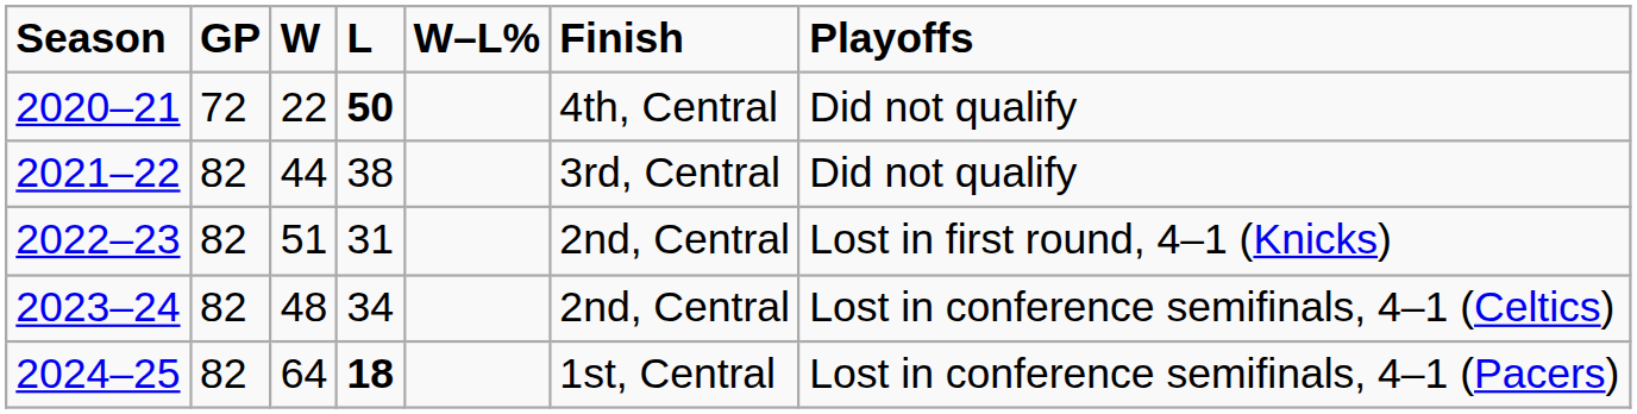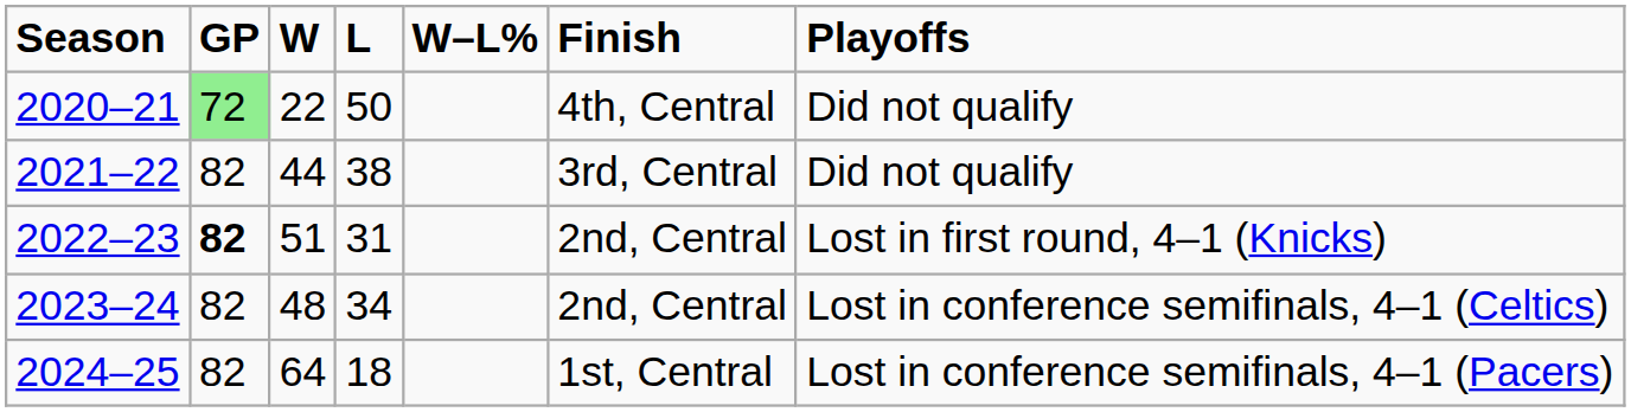 <table class="wikitable">
 <tr style="font-weight:bold; ">
 <td>Season</td>
 <td>GP</td>
 <td>W</td>
 <td>L</td>
 <td>W–L%</td>
 <td>Finish</td>
 <td>Playoffs</td>
 </tr>
 <tr>
 <td><a href='#'>2020–21</a></td>
-<td>72</td>
+<td style="background: lightgreen;">72</td>
 <td>22</td>
-<td><strong>50</strong></td>
+<td>50</td>
 <td></td>
 <td>4th, Central</td>
 <td>Did not qualify</td>
 </tr>
 <tr>
 <td><a href='#'>2021–22</a></td>
 <td>82</td>
 <td>44</td>
 <td>38</td>
 <td></td>
 <td>3rd, Central</td>
 <td>Did not qualify</td>
 </tr>
 <tr>
 <td><a href='#'>2022–23</a></td>
-<td>82</td>
+<td><strong>82</strong></td>
 <td>51</td>
 <td>31</td>
 <td></td>
 <td>2nd, Central</td>
 <td>Lost in first round, 4–1 (<a href='#'>Knicks</a>)</td>
 </tr>
 <tr>
 <td><a href='#'>2023–24</a></td>
 <td>82</td>
 <td>48</td>
 <td>34</td>
 <td></td>
 <td>2nd, Central</td>
 <td>Lost in conference semifinals, 4–1 (<a href='#'>Celtics</a>)</td>
 </tr>
 <tr>
 <td><a href='#'>2024–25</a></td>
 <td>82</td>
 <td>64</td>
-<td><strong>18</strong></td>
+<td>18</td>
 <td></td>
 <td>1st, Central</td>
 <td>Lost in conference semifinals, 4–1 (<a href='#'>Pacers</a>)</td>
 </tr>
 </table>
